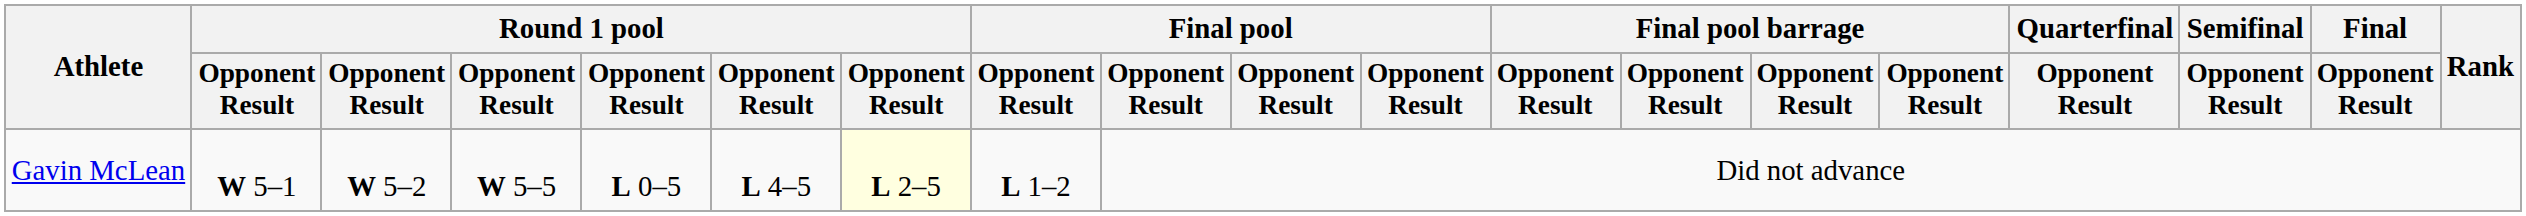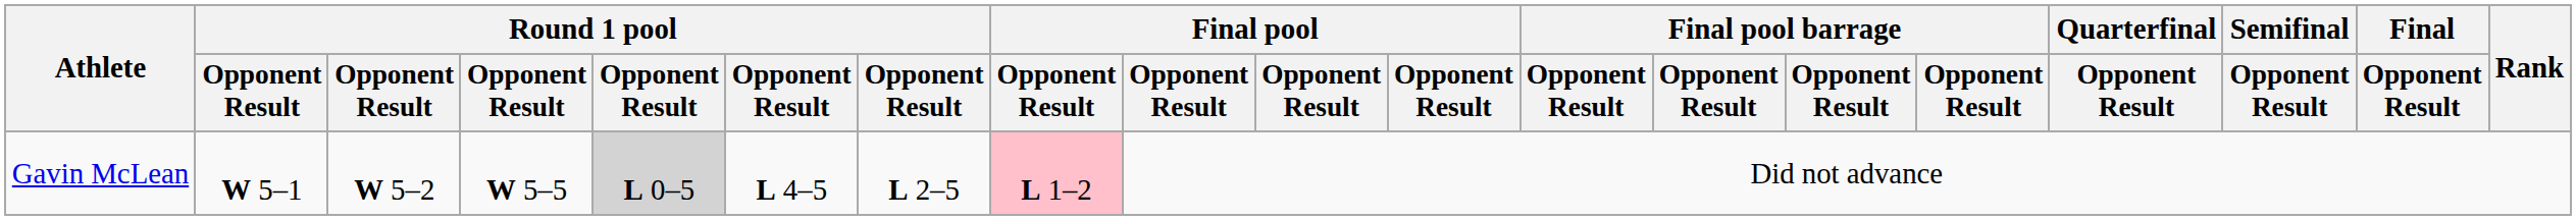 <table class=wikitable style="font-size:90%;text-align:center">
 <tr>
 <th rowspan=2>Athlete</th>
 <th colspan=6>Round 1 pool</th>
 <th colspan=4>Final pool</th>
 <th colspan=4>Final pool barrage</th>
 <th>Quarterfinal</th>
 <th>Semifinal</th>
 <th>Final</th>
 <th rowspan=2>Rank</th>
 </tr>
 <tr style="font-size:95%">
 <th>Opponent<br>Result</th>
 <th>Opponent<br>Result</th>
 <th>Opponent<br>Result</th>
 <th>Opponent<br>Result</th>
 <th>Opponent<br>Result</th>
 <th>Opponent<br>Result</th>
 <th>Opponent<br>Result</th>
 <th>Opponent<br>Result</th>
 <th>Opponent<br>Result</th>
 <th>Opponent<br>Result</th>
 <th>Opponent<br>Result</th>
 <th>Opponent<br>Result</th>
 <th>Opponent<br>Result</th>
 <th>Opponent<br>Result</th>
 <th>Opponent<br>Result</th>
 <th>Opponent<br>Result</th>
 <th>Opponent<br>Result</th>
 </tr>
 <tr>
 <td align=left><a href='#'>Gavin McLean</a></td>
 <td><br><strong>W</strong> 5–1</td>
 <td><br><strong>W</strong> 5–2</td>
 <td><br><strong>W</strong> 5–5</td>
-<td><br><strong>L</strong> 0–5</td>
+<td style="background: lightgrey;"><br><strong>L</strong> 0–5</td>
 <td><br><strong>L</strong> 4–5</td>
-<td style="background: lightyellow;"><br><strong>L</strong> 2–5</td>
-<td><br><strong>L</strong> 1–2</td>
+<td><br><strong>L</strong> 2–5</td>
+<td style="background: pink;"><br><strong>L</strong> 1–2</td>
 <td colspan=11>Did not advance</td>
 </tr>
 </table>
